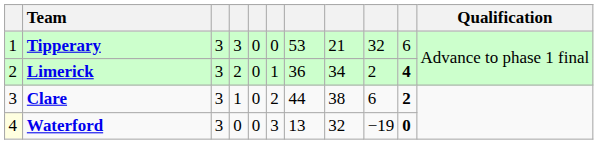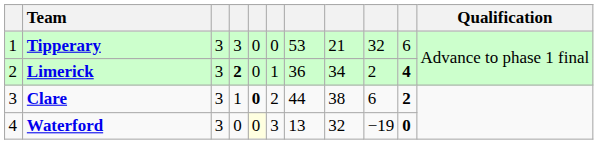 <table class="wikitable">
 <tr>
 <th width="10"></th>
 <th width="170" style="text-align:left;">Team</th>
 <th width="10"></th>
 <th width="10"></th>
 <th width="10"></th>
 <th width="10"></th>
 <th width="30"></th>
 <th width="30"></th>
 <th width="10"></th>
 <th width="10"></th>
 <th>Qualification</th>
 </tr>
 <tr style="background:#ccffcc">
 <td>1</td>
 <td align="left"><strong> <a href='#'>Tipperary</a></strong></td>
 <td>3</td>
 <td>3</td>
 <td>0</td>
 <td>0</td>
 <td>53</td>
 <td>21</td>
 <td>32</td>
 <td>6</td>
 <td rowspan="2">Advance to phase 1 final</td>
 </tr>
 <tr style="background:#ccffcc">
 <td>2</td>
 <td align="left"><strong> <a href='#'>Limerick</a></strong></td>
 <td>3</td>
-<td>2</td>
+<td><strong>2</strong></td>
 <td>0</td>
 <td>1</td>
 <td>36</td>
 <td>34</td>
 <td>2</td>
 <td><strong>4</strong></td>
 </tr>
 <tr>
 <td>3</td>
 <td align="left"><strong> <a href='#'>Clare</a></strong></td>
 <td>3</td>
 <td>1</td>
-<td>0</td>
+<td><strong>0</strong></td>
 <td>2</td>
 <td>44</td>
 <td>38</td>
 <td>6</td>
 <td><strong>2</strong></td>
 <td rowspan="2"></td>
 </tr>
 <tr>
-<td style="background: lightyellow;">4</td>
+<td>4</td>
 <td align="left"><strong> <a href='#'>Waterford</a></strong></td>
 <td>3</td>
 <td>0</td>
-<td>0</td>
+<td style="background: lightyellow;">0</td>
 <td>3</td>
 <td>13</td>
 <td>32</td>
 <td>−19</td>
 <td><strong>0</strong></td>
 </tr>
 </table>
